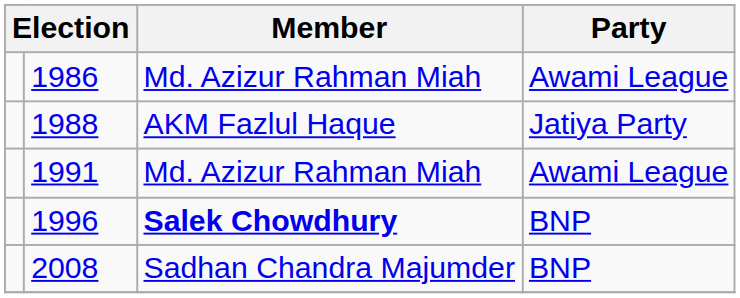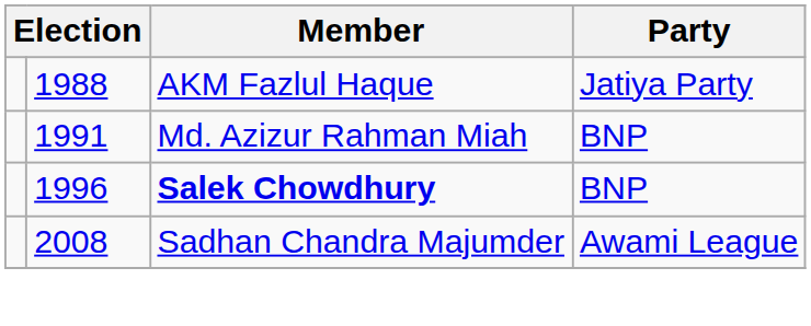 <table class="wikitable">
 <tr>
 <th colspan="2">Election</th>
 <th>Member</th>
 <th>Party</th>
-</tr>
-<tr>
-<td style="background-color:"></td>
-<td><a href='#'>1986</a></td>
-<td><a href='#'>Md. Azizur Rahman Miah</a></td>
-<td><a href='#'>Awami League</a></td>
 </tr>
 <tr>
 <td style="background-color:"></td>
 <td><a href='#'>1988</a></td>
 <td><a href='#'>AKM Fazlul Haque</a></td>
 <td><a href='#'>Jatiya Party</a></td>
 </tr>
 <tr>
 <td style="background-color:"></td>
 <td><a href='#'>1991</a></td>
 <td><a href='#'>Md. Azizur Rahman Miah</a></td>
-<td><a href='#'>Awami League</a></td>
+<td><a href='#'>BNP</a></td>
 </tr>
 <tr>
 <td style="background-color:"></td>
 <td><a href='#'>1996</a></td>
 <td><strong><a href='#'>Salek Chowdhury</a></strong></td>
 <td><a href='#'>BNP</a></td>
 </tr>
 <tr>
 <td style="background-color:"></td>
 <td><a href='#'>2008</a></td>
 <td><a href='#'>Sadhan Chandra Majumder</a></td>
-<td><a href='#'>BNP</a></td>
+<td><a href='#'>Awami League</a></td>
 </tr>
 <tr>
 </tr>
 </table>
